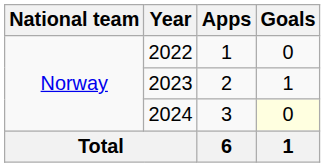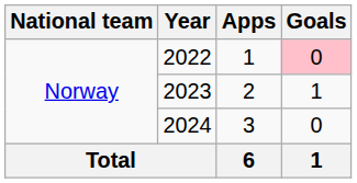 <table class="wikitable" style="text-align:center">
 <tr>
 <th>National team</th>
 <th>Year</th>
 <th>Apps</th>
 <th>Goals</th>
 </tr>
 <tr>
 <td rowspan="3"><a href='#'>Norway</a></td>
 <td>2022</td>
 <td>1</td>
-<td>0</td>
+<td style="background: pink;">0</td>
 </tr>
 <tr>
 <td>2023</td>
 <td>2</td>
 <td>1</td>
 </tr>
 <tr>
 <td>2024</td>
 <td>3</td>
-<td style="background: lightyellow;">0</td>
+<td>0</td>
 </tr>
 <tr>
 <th colspan="2">Total</th>
 <th>6</th>
 <th>1</th>
 </tr>
 </table>
